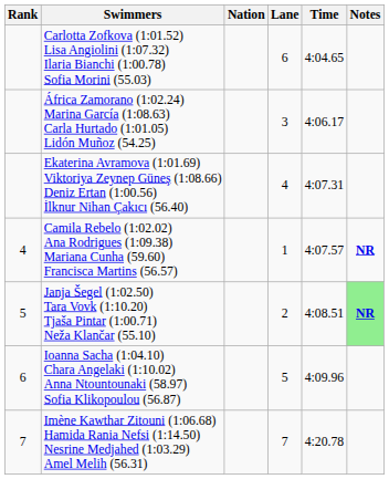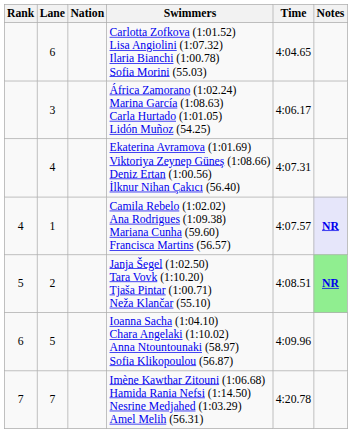 <table class="wikitable sortable" style="text-align:center">
 <tr>
 <th>Rank</th>
+<th>Lane</th>
+<th>Nation</th>
 <th>Swimmers</th>
-<th>Nation</th>
-<th>Lane</th>
 <th>Time</th>
 <th>Notes</th>
 </tr>
 <tr>
 <td></td>
+<td>6</td>
+<td align=left></td>
 <td align=left><a href='#'>Carlotta Zofkova</a> (1:01.52)<br><a href='#'>Lisa Angiolini</a> (1:07.32)<br><a href='#'>Ilaria Bianchi</a> (1:00.78)<br><a href='#'>Sofia Morini</a> (55.03)</td>
-<td align=left></td>
-<td>6</td>
 <td>4:04.65</td>
 <td></td>
 </tr>
 <tr>
 <td></td>
+<td>3</td>
+<td align=left></td>
 <td align=left><a href='#'>África Zamorano</a> (1:02.24)<br><a href='#'>Marina García</a> (1:08.63)<br><a href='#'>Carla Hurtado</a> (1:01.05)<br><a href='#'>Lidón Muñoz</a> (54.25)</td>
-<td align=left></td>
-<td>3</td>
 <td>4:06.17</td>
 <td></td>
 </tr>
 <tr>
 <td></td>
+<td>4</td>
+<td align=left></td>
 <td align=left><a href='#'>Ekaterina Avramova</a> (1:01.69)<br><a href='#'>Viktoriya Zeynep Güneş</a> (1:08.66)<br><a href='#'>Deniz Ertan</a> (1:00.56)<br><a href='#'>İlknur Nihan Çakıcı</a> (56.40)</td>
-<td align=left></td>
-<td>4</td>
 <td>4:07.31</td>
 <td></td>
 </tr>
 <tr>
 <td>4</td>
+<td>1</td>
+<td align=left></td>
 <td align=left><a href='#'>Camila Rebelo</a> (1:02.02)<br><a href='#'>Ana Rodrigues</a> (1:09.38)<br><a href='#'>Mariana Cunha</a> (59.60)<br><a href='#'>Francisca Martins</a> (56.57)</td>
-<td align=left></td>
-<td>1</td>
 <td>4:07.57</td>
-<td><strong><a href='#'>NR</a></strong></td>
+<td style="background: lavender;"><strong><a href='#'>NR</a></strong></td>
 </tr>
 <tr>
 <td>5</td>
+<td>2</td>
+<td align=left></td>
 <td align=left><a href='#'>Janja Šegel</a> (1:02.50)<br><a href='#'>Tara Vovk</a> (1:10.20)<br><a href='#'>Tjaša Pintar</a> (1:00.71)<br><a href='#'>Neža Klančar</a> (55.10)</td>
-<td align=left></td>
-<td>2</td>
 <td>4:08.51</td>
 <td style="background: lightgreen;"><strong><a href='#'>NR</a></strong></td>
 </tr>
 <tr>
 <td>6</td>
+<td>5</td>
+<td align=left></td>
 <td align=left><a href='#'>Ioanna Sacha</a> (1:04.10)<br><a href='#'>Chara Angelaki</a> (1:10.02)<br><a href='#'>Anna Ntountounaki</a> (58.97)<br><a href='#'>Sofia Klikopoulou</a> (56.87)</td>
-<td align=left></td>
-<td>5</td>
 <td>4:09.96</td>
 <td></td>
 </tr>
 <tr>
 <td>7</td>
+<td>7</td>
+<td align=left></td>
 <td align=left><a href='#'>Imène Kawthar Zitouni</a> (1:06.68)<br><a href='#'>Hamida Rania Nefsi</a> (1:14.50)<br><a href='#'>Nesrine Medjahed</a> (1:03.29)<br><a href='#'>Amel Melih</a> (56.31)</td>
-<td align=left></td>
-<td>7</td>
 <td>4:20.78</td>
 <td></td>
 </tr>
 </table>
